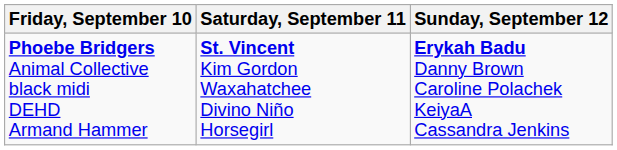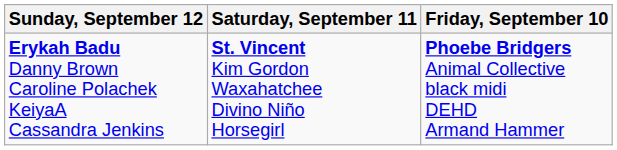 <table class="wikitable">
 <tr>
+<th>Sunday, September 12</th>
+<th>Saturday, September 11</th>
 <th>Friday, September 10</th>
-<th>Saturday, September 11</th>
-<th>Sunday, September 12</th>
 </tr>
 <tr valign="top">
+<td><strong><a href='#'>Erykah Badu</a></strong><br><a href='#'>Danny Brown</a><br><a href='#'>Caroline Polachek</a><br><a href='#'>KeiyaA</a><br><a href='#'>Cassandra Jenkins</a></td>
+<td><strong><a href='#'>St. Vincent</a></strong><br><a href='#'>Kim Gordon</a><br><a href='#'>Waxahatchee</a><br><a href='#'>Divino Niño</a><br><a href='#'>Horsegirl</a></td>
 <td><strong><a href='#'>Phoebe Bridgers</a></strong><br><a href='#'>Animal Collective</a><br><a href='#'>black midi</a><br><a href='#'>DEHD</a><br><a href='#'>Armand Hammer</a></td>
-<td><strong><a href='#'>St. Vincent</a></strong><br><a href='#'>Kim Gordon</a><br><a href='#'>Waxahatchee</a><br><a href='#'>Divino Niño</a><br><a href='#'>Horsegirl</a></td>
-<td><strong><a href='#'>Erykah Badu</a></strong><br><a href='#'>Danny Brown</a><br><a href='#'>Caroline Polachek</a><br><a href='#'>KeiyaA</a><br><a href='#'>Cassandra Jenkins</a></td>
 </tr>
 </table>
